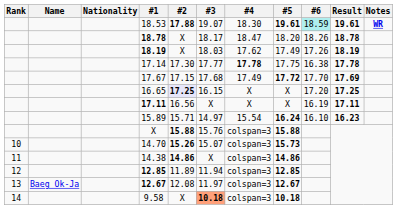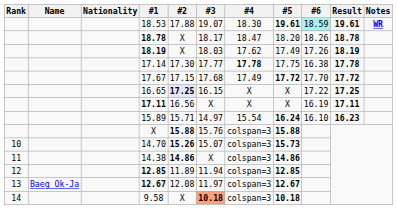 <table class="wikitable sortable" style="text-align:center">
 <tr>
 <th>Rank</th>
 <th>Name</th>
 <th>Nationality</th>
 <th>#1</th>
 <th>#2</th>
 <th>#3</th>
 <th>#4</th>
 <th>#5</th>
 <th>#6</th>
 <th>Result</th>
 <th class="unsortable">Notes</th>
 </tr>
 <tr>
 <td></td>
 <td align=left></td>
 <td align=left></td>
 <td>18.53</td>
-<td><strong>17.88</strong></td>
+<td>17.88</td>
 <td>19.07</td>
 <td>18.30</td>
 <td><strong>19.61</strong></td>
 <td style="background: paleturquoise;">18.59</td>
 <td><strong>19.61</strong></td>
 <td><strong><a href='#'>WR</a></strong></td>
 </tr>
 <tr>
 <td></td>
 <td align=left></td>
 <td align=left></td>
 <td><strong>18.78</strong></td>
 <td>X</td>
 <td>18.17</td>
 <td>18.47</td>
 <td>18.20</td>
 <td>18.26</td>
 <td><strong>18.78</strong></td>
 <td></td>
 </tr>
 <tr>
 <td></td>
 <td align=left></td>
 <td align=left></td>
 <td><strong>18.19</strong></td>
 <td>X</td>
 <td>18.03</td>
 <td>17.62</td>
 <td>17.49</td>
 <td>17.26</td>
 <td><strong>18.19</strong></td>
 <td></td>
 </tr>
 <tr>
 <td></td>
 <td align=left></td>
 <td align=left></td>
 <td>17.14</td>
 <td>17.30</td>
 <td>17.77</td>
 <td><strong>17.78</strong></td>
 <td>17.75</td>
 <td>16.38</td>
 <td><strong>17.78</strong></td>
 <td></td>
 </tr>
 <tr>
 <td></td>
 <td align=left></td>
 <td align=left></td>
 <td>17.67</td>
 <td>17.15</td>
 <td>17.68</td>
 <td>17.49</td>
 <td><strong>17.72</strong></td>
 <td>17.70</td>
-<td><strong>17.69</strong></td>
+<td><strong>17.72</strong></td>
 <td></td>
 </tr>
 <tr>
 <td></td>
 <td align=left></td>
 <td align=left></td>
 <td>16.65</td>
 <td style="background: lavender;"><strong>17.25</strong></td>
 <td>16.15</td>
 <td>X</td>
 <td>X</td>
-<td>17.20</td>
+<td>17.22</td>
 <td><strong>17.25</strong></td>
 <td></td>
 </tr>
 <tr>
 <td></td>
 <td align=left></td>
 <td align=left></td>
 <td><strong>17.11</strong></td>
 <td>16.56</td>
 <td>X</td>
 <td>X</td>
 <td>X</td>
 <td>16.19</td>
 <td><strong>17.11</strong></td>
 <td></td>
 </tr>
 <tr>
 <td></td>
 <td align=left></td>
 <td align=left></td>
 <td>15.89</td>
 <td>15.71</td>
 <td>14.97</td>
 <td>15.54</td>
 <td><strong>16.24</strong></td>
 <td>16.10</td>
 <td><strong>16.23</strong></td>
 <td></td>
 </tr>
 <tr>
 <td></td>
 <td align=left></td>
 <td align=left></td>
 <td>X</td>
 <td><strong>15.88</strong></td>
 <td>15.76</td>
 <td>colspan=3 </td>
 <td><strong>15.88</strong></td>
 <td></td>
 </tr>
 <tr>
 <td>10</td>
 <td align=left></td>
 <td align=left></td>
 <td>14.70</td>
 <td><strong>15.26</strong></td>
 <td>15.07</td>
 <td>colspan=3 </td>
 <td><strong>15.73</strong></td>
 <td></td>
 </tr>
 <tr>
 <td>11</td>
 <td align=left></td>
 <td align=left></td>
 <td>14.38</td>
 <td><strong>14.86</strong></td>
 <td>X</td>
 <td>colspan=3 </td>
 <td><strong>14.86</strong></td>
 <td></td>
 </tr>
 <tr>
 <td>12</td>
 <td align=left></td>
 <td align=left></td>
 <td><strong>12.85</strong></td>
 <td>11.89</td>
 <td>11.94</td>
 <td>colspan=3 </td>
 <td><strong>12.85</strong></td>
 <td></td>
 </tr>
 <tr>
 <td>13</td>
 <td align=left><a href='#'>Baeg Ok-Ja</a></td>
 <td align=left></td>
 <td><strong>12.67</strong></td>
 <td>12.08</td>
 <td>11.97</td>
 <td>colspan=3 </td>
 <td><strong>12.67</strong></td>
 <td></td>
 </tr>
 <tr>
 <td>14</td>
 <td align=left></td>
 <td align=left></td>
 <td>9.58</td>
 <td>X</td>
 <td style="background: lightsalmon;"><strong>10.18</strong></td>
 <td>colspan=3 </td>
 <td><strong>10.18</strong></td>
 <td></td>
 </tr>
 </table>
